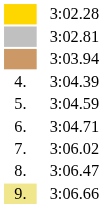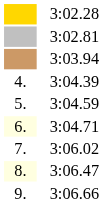 <table style="text-align:center">
 <tr>
 <td width=30 bgcolor=gold></td>
 <td align=left></td>
 <td width=60>3:02.28</td>
 </tr>
 <tr>
 <td bgcolor=silver></td>
 <td align=left></td>
 <td>3:02.81</td>
 </tr>
 <tr>
 <td bgcolor=cc9966></td>
 <td align=left></td>
 <td>3:03.94</td>
 </tr>
 <tr>
 <td>4.</td>
 <td align=left></td>
 <td>3:04.39</td>
 </tr>
 <tr>
 <td>5.</td>
 <td align=left></td>
 <td>3:04.59</td>
 </tr>
 <tr>
-<td>6.</td>
+<td style="background: lightyellow;">6.</td>
 <td align=left></td>
 <td>3:04.71</td>
 </tr>
 <tr>
 <td>7.</td>
 <td align=left></td>
 <td>3:06.02</td>
 </tr>
 <tr>
-<td>8.</td>
+<td style="background: lightyellow;">8.</td>
 <td align=left></td>
 <td>3:06.47</td>
 </tr>
 <tr>
-<td style="background: khaki;">9.</td>
+<td>9.</td>
 <td align=left></td>
 <td>3:06.66</td>
 </tr>
 </table>
